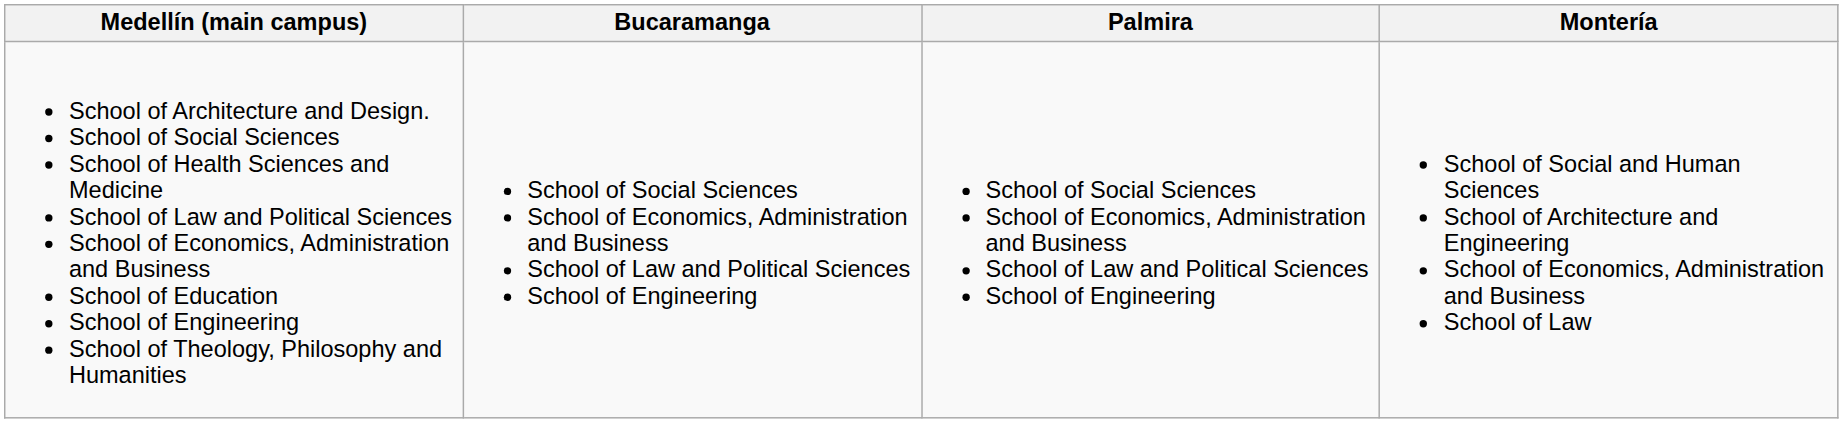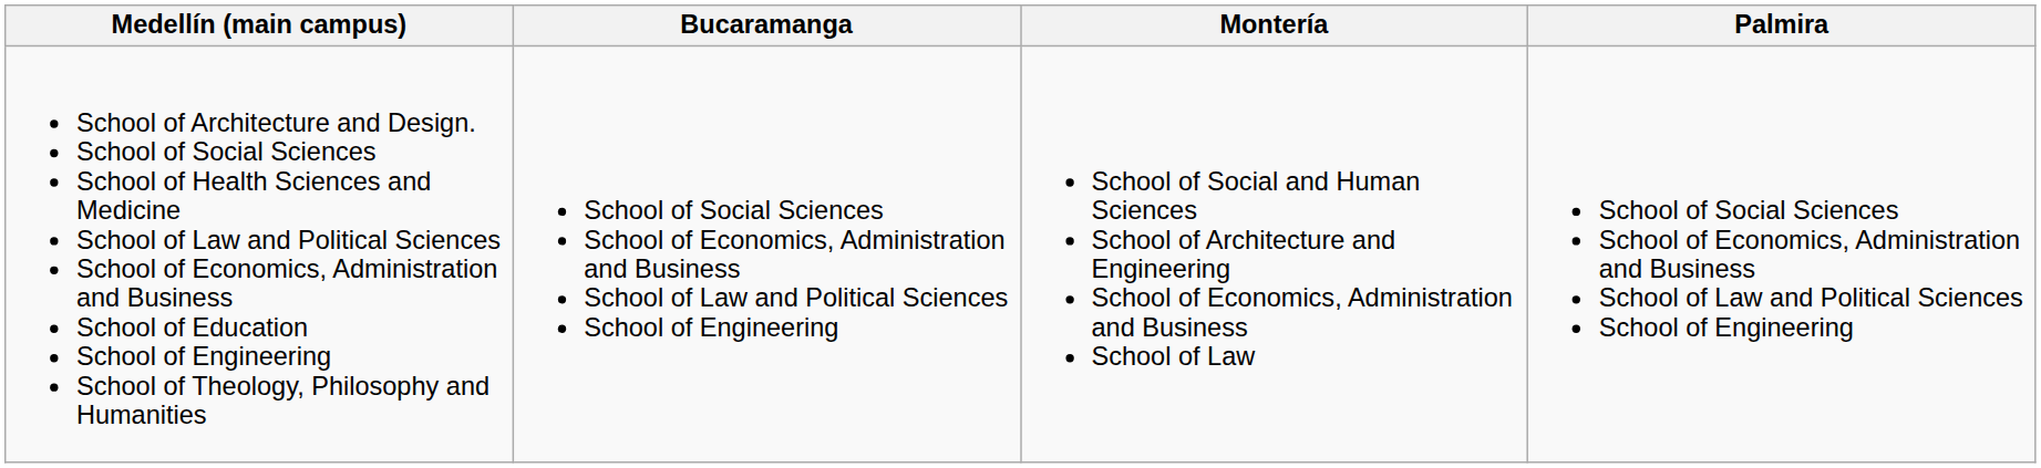 <table class="wikitable">
 <tr>
 <th>Medellín (main campus)</th>
 <th>Bucaramanga</th>
+<th>Montería</th>
 <th>Palmira</th>
-<th>Montería</th>
 </tr>
 <tr>
 <td><br><ul><li>School of Architecture and Design.</li><li>School of Social Sciences</li><li>School of Health Sciences and Medicine</li><li>School of Law and Political Sciences</li><li>School of Economics, Administration and Business</li><li>School of Education</li><li>School of Engineering</li><li>School of Theology, Philosophy and Humanities</li></ul></td>
 <td><br><ul><li>School of Social Sciences</li><li>School of Economics, Administration and Business</li><li>School of Law and Political Sciences</li><li>School of Engineering</li></ul></td>
+<td><br><ul><li>School of Social and Human Sciences</li><li>School of Architecture and Engineering</li><li>School of Economics, Administration and Business</li><li>School of Law</li></ul></td>
 <td><br><ul><li>School of Social Sciences</li><li>School of Economics, Administration and Business</li><li>School of Law and Political Sciences</li><li>School of Engineering</li></ul></td>
-<td><br><ul><li>School of Social and Human Sciences</li><li>School of Architecture and Engineering</li><li>School of Economics, Administration and Business</li><li>School of Law</li></ul></td>
 </tr>
 </table>
